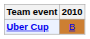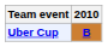 <table class="wikitable" style="font-size: 90%; text-align:center">
 <tr>
 <th>Team event</th>
 <th>2010</th>
 </tr>
 <tr>
 <td bgcolor="#ECF2FF"; align="left"><strong><a href='#'>Uber Cup</a></strong></td>
-<td bgcolor=CD7F32><a href='#'>B</a></td>
+<td bgcolor=CD7F32><strong><a href='#'>B</a></strong></td>
 </tr>
 </table>
